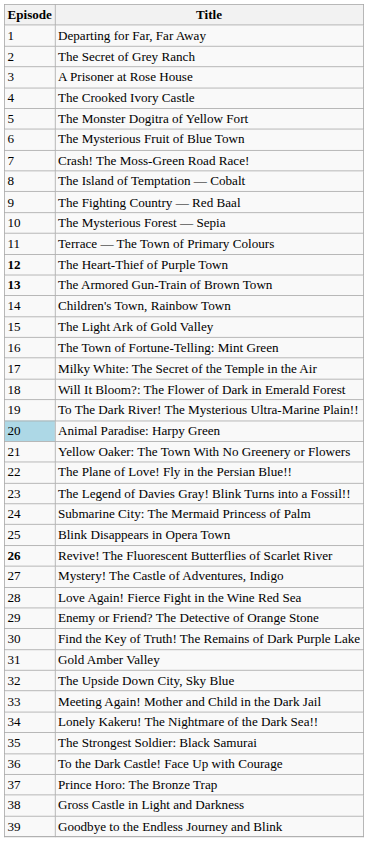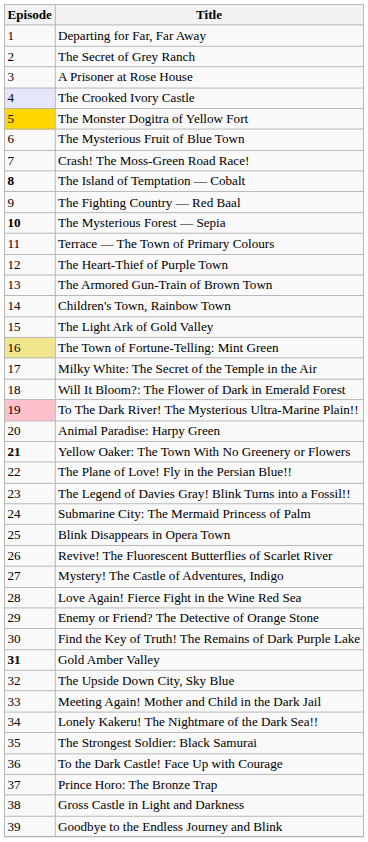 <table class="wikitable">
 <tr>
 <th>Episode</th>
 <th>Title</th>
 </tr>
 <tr>
 <td>1</td>
 <td>Departing for Far, Far Away</td>
 </tr>
 <tr>
 <td>2</td>
 <td>The Secret of Grey Ranch</td>
 </tr>
 <tr>
 <td>3</td>
 <td>A Prisoner at Rose House</td>
 </tr>
 <tr>
-<td>4</td>
+<td style="background: lavender;">4</td>
 <td>The Crooked Ivory Castle</td>
 </tr>
 <tr>
-<td>5</td>
+<td style="background: gold;">5</td>
 <td>The Monster Dogitra of Yellow Fort</td>
 </tr>
 <tr>
 <td>6</td>
 <td>The Mysterious Fruit of Blue Town</td>
 </tr>
 <tr>
 <td>7</td>
 <td>Crash! The Moss-Green Road Race!</td>
 </tr>
 <tr>
-<td>8</td>
+<td><strong>8</strong></td>
 <td>The Island of Temptation — Cobalt</td>
 </tr>
 <tr>
 <td>9</td>
 <td>The Fighting Country — Red Baal</td>
 </tr>
 <tr>
-<td>10</td>
+<td><strong>10</strong></td>
 <td>The Mysterious Forest — Sepia</td>
 </tr>
 <tr>
 <td>11</td>
 <td>Terrace — The Town of Primary Colours</td>
 </tr>
 <tr>
-<td><strong>12</strong></td>
+<td>12</td>
 <td>The Heart-Thief of Purple Town</td>
 </tr>
 <tr>
-<td><strong>13</strong></td>
+<td>13</td>
 <td>The Armored Gun-Train of Brown Town</td>
 </tr>
 <tr>
 <td>14</td>
 <td>Children's Town, Rainbow Town</td>
 </tr>
 <tr>
 <td>15</td>
 <td>The Light Ark of Gold Valley</td>
 </tr>
 <tr>
-<td>16</td>
+<td style="background: khaki;">16</td>
 <td>The Town of Fortune-Telling: Mint Green</td>
 </tr>
 <tr>
 <td>17</td>
 <td>Milky White: The Secret of the Temple in the Air</td>
 </tr>
 <tr>
 <td>18</td>
 <td>Will It Bloom?: The Flower of Dark in Emerald Forest</td>
 </tr>
 <tr>
-<td>19</td>
+<td style="background: pink;">19</td>
 <td>To The Dark River! The Mysterious Ultra-Marine Plain!!</td>
 </tr>
 <tr>
-<td style="background: lightblue;">20</td>
+<td>20</td>
 <td>Animal Paradise: Harpy Green</td>
 </tr>
 <tr>
-<td>21</td>
+<td><strong>21</strong></td>
 <td>Yellow Oaker: The Town With No Greenery or Flowers</td>
 </tr>
 <tr>
 <td>22</td>
 <td>The Plane of Love! Fly in the Persian Blue!!</td>
 </tr>
 <tr>
 <td>23</td>
 <td>The Legend of Davies Gray! Blink Turns into a Fossil!!</td>
 </tr>
 <tr>
 <td>24</td>
 <td>Submarine City: The Mermaid Princess of Palm</td>
 </tr>
 <tr>
 <td>25</td>
 <td>Blink Disappears in Opera Town</td>
 </tr>
 <tr>
-<td><strong>26</strong></td>
+<td>26</td>
 <td>Revive! The Fluorescent Butterflies of Scarlet River</td>
 </tr>
 <tr>
 <td>27</td>
 <td>Mystery! The Castle of Adventures, Indigo</td>
 </tr>
 <tr>
 <td>28</td>
 <td>Love Again! Fierce Fight in the Wine Red Sea</td>
 </tr>
 <tr>
 <td>29</td>
 <td>Enemy or Friend? The Detective of Orange Stone</td>
 </tr>
 <tr>
 <td>30</td>
 <td>Find the Key of Truth! The Remains of Dark Purple Lake</td>
 </tr>
 <tr>
-<td>31</td>
+<td><strong>31</strong></td>
 <td>Gold Amber Valley</td>
 </tr>
 <tr>
 <td>32</td>
 <td>The Upside Down City, Sky Blue</td>
 </tr>
 <tr>
 <td>33</td>
 <td>Meeting Again! Mother and Child in the Dark Jail</td>
 </tr>
 <tr>
 <td>34</td>
 <td>Lonely Kakeru! The Nightmare of the Dark Sea!!</td>
 </tr>
 <tr>
 <td>35</td>
 <td>The Strongest Soldier: Black Samurai</td>
 </tr>
 <tr>
 <td>36</td>
 <td>To the Dark Castle! Face Up with Courage</td>
 </tr>
 <tr>
 <td>37</td>
 <td>Prince Horo: The Bronze Trap</td>
 </tr>
 <tr>
 <td>38</td>
 <td>Gross Castle in Light and Darkness</td>
 </tr>
 <tr>
 <td>39</td>
 <td>Goodbye to the Endless Journey and Blink</td>
 </tr>
 <tr>
 </tr>
 </table>
